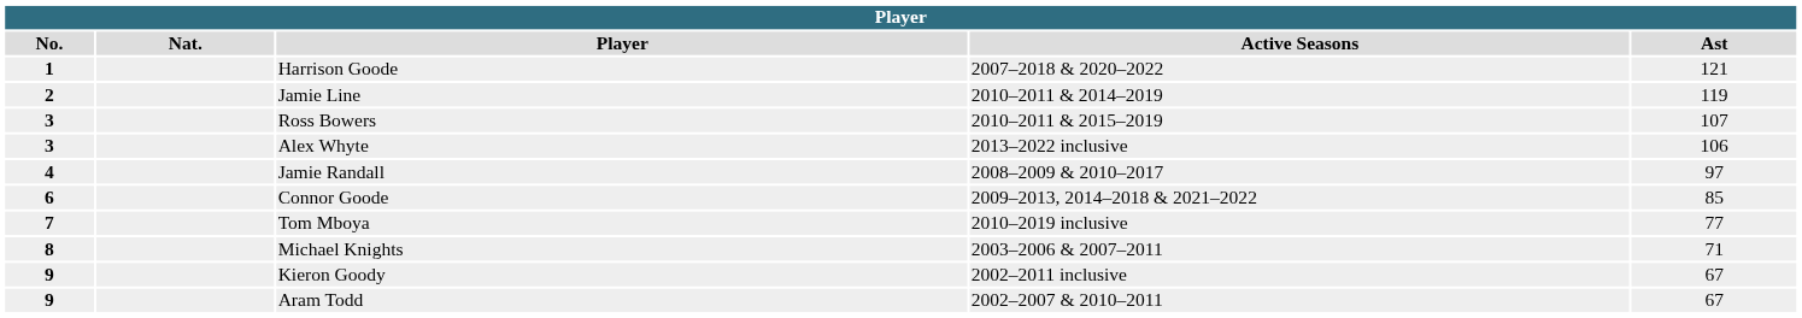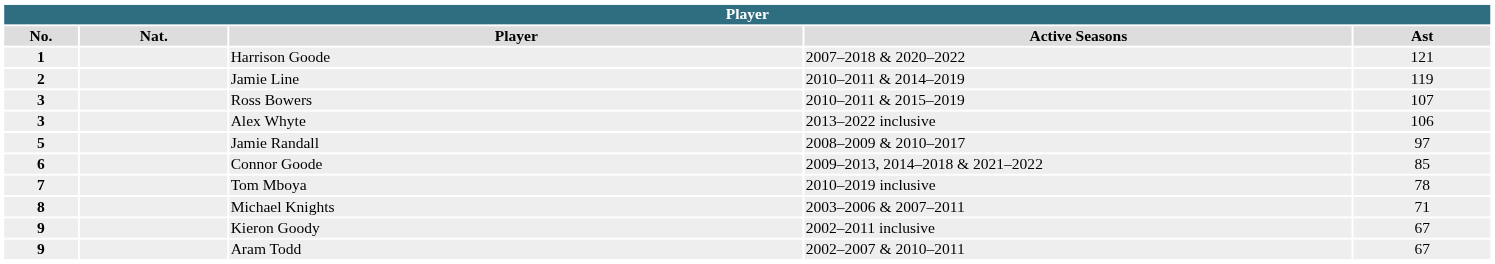 <table class="toccolours"  style="width:97%; clear:both; margin:1.5em auto; text-align:center;">
 <tr>
 <th colspan="11" style="background:#2f6d81; color:white;”">Player</th>
 </tr>
 <tr style="background:#ddd;">
 <th width=5%>No.</th>
 <th width=10%>Nat.</th>
 <th !width=30%>Player</th>
 <th width=37%>Active Seasons</th>
 <th widith=18%>Ast</th>
 </tr>
 <tr style="background:#eee;">
 <td><strong>1</strong></td>
 <td></td>
 <td align=left>Harrison Goode</td>
 <td align=left>2007–2018 & 2020–2022</td>
 <td>121</td>
 </tr>
 <tr style="background:#eee;">
 <td><strong>2</strong></td>
 <td></td>
 <td align=left>Jamie Line</td>
 <td align=left>2010–2011 & 2014–2019</td>
 <td>119</td>
 </tr>
 <tr style="background:#eee;">
 <td><strong>3</strong></td>
 <td></td>
 <td align=left>Ross Bowers</td>
 <td align=left>2010–2011 & 2015–2019</td>
 <td>107</td>
 </tr>
 <tr style="background:#eee;">
 <td><strong>3</strong></td>
 <td></td>
 <td align=left>Alex Whyte</td>
 <td align=left>2013–2022 inclusive</td>
 <td>106</td>
 </tr>
 <tr style="background:#eee;">
-<td><strong>4</strong></td>
+<td><strong>5</strong></td>
 <td></td>
 <td align=left>Jamie Randall</td>
 <td align=left>2008–2009 & 2010–2017</td>
 <td>97</td>
 </tr>
 <tr style="background:#eee;">
 <td><strong>6</strong></td>
 <td></td>
 <td align="left">Connor Goode</td>
 <td align=left>2009–2013, 2014–2018 & 2021–2022</td>
 <td>85</td>
 </tr>
 <tr style="background:#eee;">
 <td><strong>7</strong></td>
 <td></td>
 <td align=left>Tom Mboya</td>
 <td align=left>2010–2019 inclusive</td>
-<td>77</td>
+<td>78</td>
 </tr>
 <tr style="background:#eee;">
 <td><strong>8</strong></td>
 <td></td>
 <td align=left>Michael Knights</td>
 <td align=left>2003–2006 & 2007–2011</td>
 <td>71</td>
 </tr>
 <tr style="background:#eee;">
 <td><strong>9</strong></td>
 <td></td>
 <td align=left>Kieron Goody</td>
 <td align=left>2002–2011 inclusive</td>
 <td>67</td>
 </tr>
 <tr style="background:#eee;">
 <td><strong>9</strong></td>
 <td></td>
 <td align=left>Aram Todd</td>
 <td align=left>2002–2007 & 2010–2011</td>
 <td>67</td>
 </tr>
 </table>
